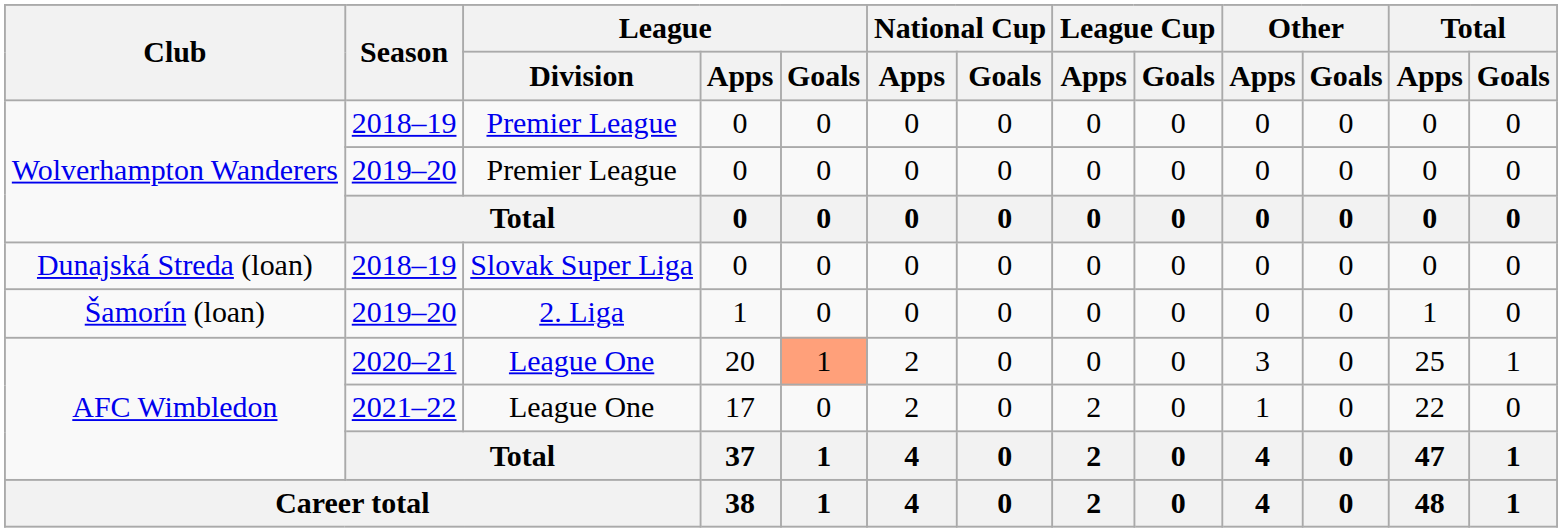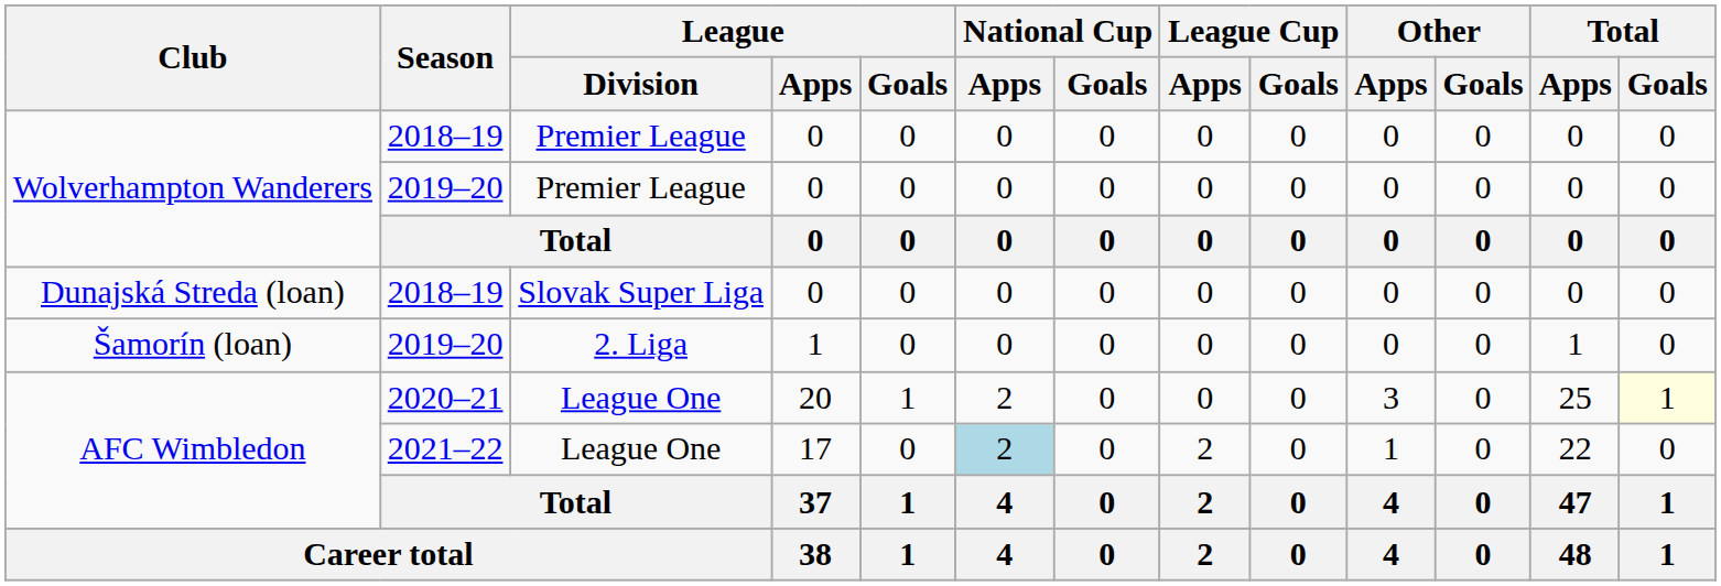 <table class="wikitable" style="text-align:center">
 <tr>
 <th rowspan="2">Club</th>
 <th rowspan="2">Season</th>
 <th colspan="3">League</th>
 <th colspan="2">National Cup</th>
 <th colspan="2">League Cup</th>
 <th colspan="2">Other</th>
 <th colspan="2">Total</th>
 </tr>
 <tr>
 <th>Division</th>
 <th>Apps</th>
 <th>Goals</th>
 <th>Apps</th>
 <th>Goals</th>
 <th>Apps</th>
 <th>Goals</th>
 <th>Apps</th>
 <th>Goals</th>
 <th>Apps</th>
 <th>Goals</th>
 </tr>
 <tr>
 <td rowspan="3"><a href='#'>Wolverhampton Wanderers</a></td>
 <td><a href='#'>2018–19</a></td>
 <td><a href='#'>Premier League</a></td>
 <td>0</td>
 <td>0</td>
 <td>0</td>
 <td>0</td>
 <td>0</td>
 <td>0</td>
 <td>0</td>
 <td>0</td>
 <td>0</td>
 <td>0</td>
 </tr>
 <tr>
 <td><a href='#'>2019–20</a></td>
 <td>Premier League</td>
 <td>0</td>
 <td>0</td>
 <td>0</td>
 <td>0</td>
 <td>0</td>
 <td>0</td>
 <td>0</td>
 <td>0</td>
 <td>0</td>
 <td>0</td>
 </tr>
 <tr>
 <th colspan="2">Total</th>
 <th>0</th>
 <th>0</th>
 <th>0</th>
 <th>0</th>
 <th>0</th>
 <th>0</th>
 <th>0</th>
 <th>0</th>
 <th>0</th>
 <th>0</th>
 </tr>
 <tr>
 <td><a href='#'>Dunajská Streda</a> (loan)</td>
 <td><a href='#'>2018–19</a></td>
 <td><a href='#'>Slovak Super Liga</a></td>
 <td>0</td>
 <td>0</td>
 <td>0</td>
 <td>0</td>
 <td>0</td>
 <td>0</td>
 <td>0</td>
 <td>0</td>
 <td>0</td>
 <td>0</td>
 </tr>
 <tr>
 <td><a href='#'>Šamorín</a> (loan)</td>
 <td><a href='#'>2019–20</a></td>
 <td><a href='#'>2. Liga</a></td>
 <td>1</td>
 <td>0</td>
 <td>0</td>
 <td>0</td>
 <td>0</td>
 <td>0</td>
 <td>0</td>
 <td>0</td>
 <td>1</td>
 <td>0</td>
 </tr>
 <tr>
 <td rowspan="3"><a href='#'>AFC Wimbledon</a></td>
 <td><a href='#'>2020–21</a></td>
 <td><a href='#'>League One</a></td>
 <td>20</td>
-<td style="background: lightsalmon;">1</td>
+<td>1</td>
 <td>2</td>
 <td>0</td>
 <td>0</td>
 <td>0</td>
 <td>3</td>
 <td>0</td>
 <td>25</td>
-<td>1</td>
+<td style="background: lightyellow;">1</td>
 </tr>
 <tr>
 <td><a href='#'>2021–22</a></td>
 <td>League One</td>
 <td>17</td>
 <td>0</td>
-<td>2</td>
+<td style="background: lightblue;">2</td>
 <td>0</td>
 <td>2</td>
 <td>0</td>
 <td>1</td>
 <td>0</td>
 <td>22</td>
 <td>0</td>
 </tr>
 <tr>
 <th colspan="2">Total</th>
 <th>37</th>
 <th>1</th>
 <th>4</th>
 <th>0</th>
 <th>2</th>
 <th>0</th>
 <th>4</th>
 <th>0</th>
 <th>47</th>
 <th>1</th>
 </tr>
 <tr>
 <th colspan="3">Career total</th>
 <th>38</th>
 <th>1</th>
 <th>4</th>
 <th>0</th>
 <th>2</th>
 <th>0</th>
 <th>4</th>
 <th>0</th>
 <th>48</th>
 <th>1</th>
 </tr>
 </table>
